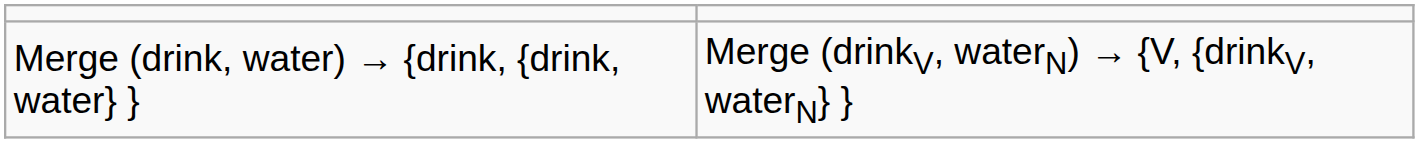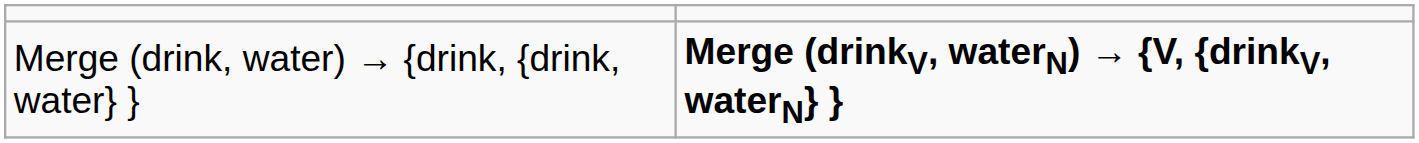 <table class="wikitable">
 <tr>
 <td></td>
 <td></td>
 </tr>
 <tr>
 <td>Merge (drink, water) → {drink, {drink, water} }</td>
-<td>Merge (drink<sub>V</sub>, water<sub>N</sub>) → {V, {drink<sub>V</sub>, water<sub>N</sub>} }</td>
+<td><strong>Merge (drink<sub>V</sub>, water<sub>N</sub>) → {V, {drink<sub>V</sub>, water<sub>N</sub>} }</strong></td>
 </tr>
 </table>
